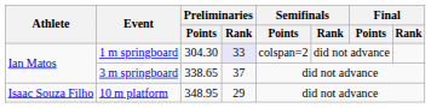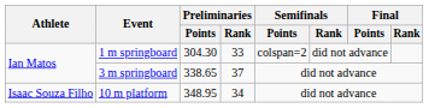 <table class=wikitable style="font-size:90%;">
 <tr>
 <th rowspan="2">Athlete</th>
 <th rowspan="2">Event</th>
 <th colspan="2">Preliminaries</th>
 <th colspan="2">Semifinals</th>
 <th colspan="2">Final</th>
 </tr>
 <tr style="font-size:95%">
 <th>Points</th>
 <th>Rank</th>
 <th>Points</th>
 <th>Rank</th>
 <th>Points</th>
 <th>Rank</th>
 </tr>
 <tr align=center>
 <td align=left rowspan=2><a href='#'>Ian Matos</a></td>
 <td align=left><a href='#'>1 m springboard</a></td>
 <td>304.30</td>
-<td style="background: lavender;">33</td>
+<td>33</td>
 <td>colspan=2 </td>
 <td colspan=2>did not advance</td>
 </tr>
 <tr align=center>
 <td align=left><a href='#'>3 m springboard</a></td>
 <td>338.65</td>
 <td>37</td>
 <td colspan=4>did not advance</td>
 </tr>
 <tr align=center>
 <td align=left><a href='#'>Isaac Souza Filho</a></td>
 <td align=left><a href='#'>10 m platform</a></td>
 <td>348.95</td>
-<td>29</td>
+<td>34</td>
 <td colspan=4>did not advance</td>
 </tr>
 </table>
